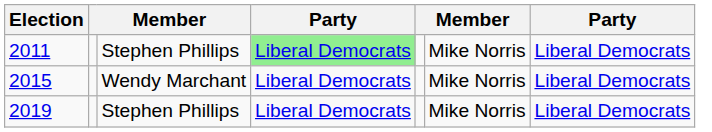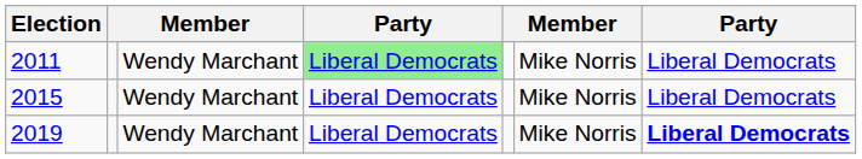 <table class="wikitable">
 <tr>
 <th>Election</th>
 <th colspan="2">Member</th>
 <th>Party</th>
 <th colspan="2">Member</th>
 <th>Party</th>
 </tr>
 <tr>
 <td><a href='#'>2011</a></td>
 <td style="background-color: "></td>
-<td>Stephen Phillips</td>
+<td>Wendy Marchant</td>
 <td style="background: lightgreen;"><a href='#'>Liberal Democrats</a></td>
 <td style="background-color: "></td>
 <td>Mike Norris</td>
 <td><a href='#'>Liberal Democrats</a></td>
 </tr>
 <tr>
 <td><a href='#'>2015</a></td>
 <td style="background-color: "></td>
 <td>Wendy Marchant</td>
 <td><a href='#'>Liberal Democrats</a></td>
 <td style="background-color: "></td>
 <td>Mike Norris</td>
 <td><a href='#'>Liberal Democrats</a></td>
 </tr>
 <tr>
 <td><a href='#'>2019</a></td>
 <td style="background-color: "></td>
-<td>Stephen Phillips</td>
+<td>Wendy Marchant</td>
 <td><a href='#'>Liberal Democrats</a></td>
 <td style="background-color: "></td>
 <td>Mike Norris</td>
-<td><a href='#'>Liberal Democrats</a></td>
+<td><strong><a href='#'>Liberal Democrats</a></strong></td>
 </tr>
 </table>
